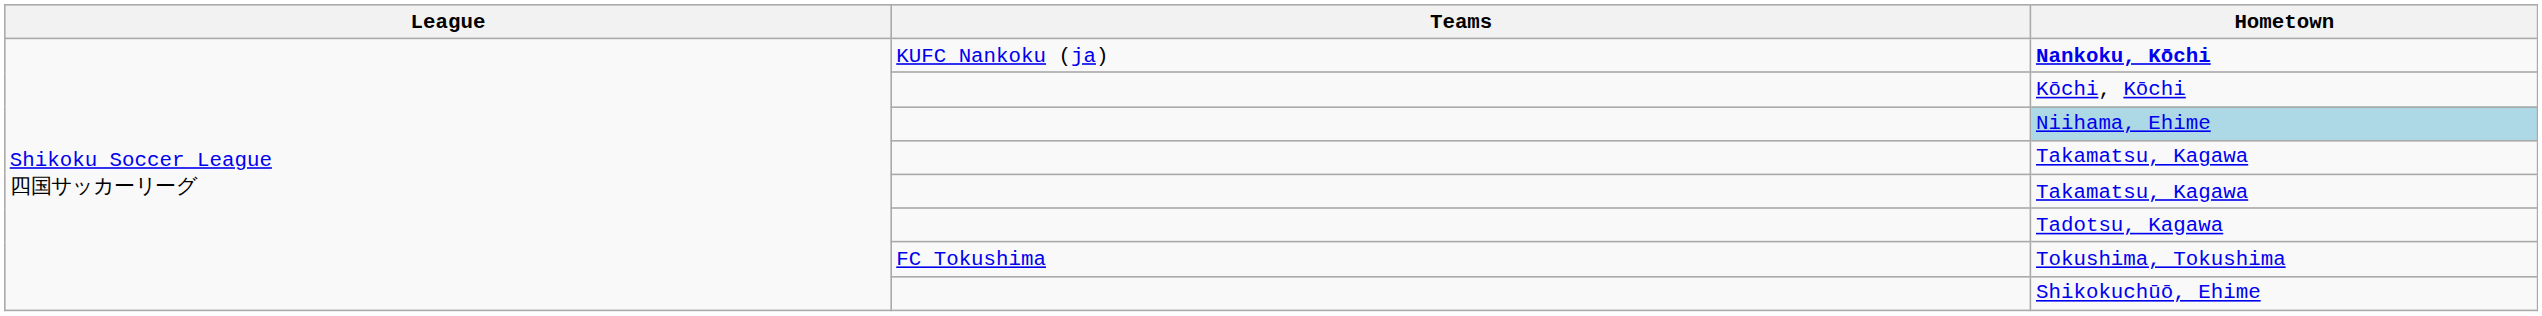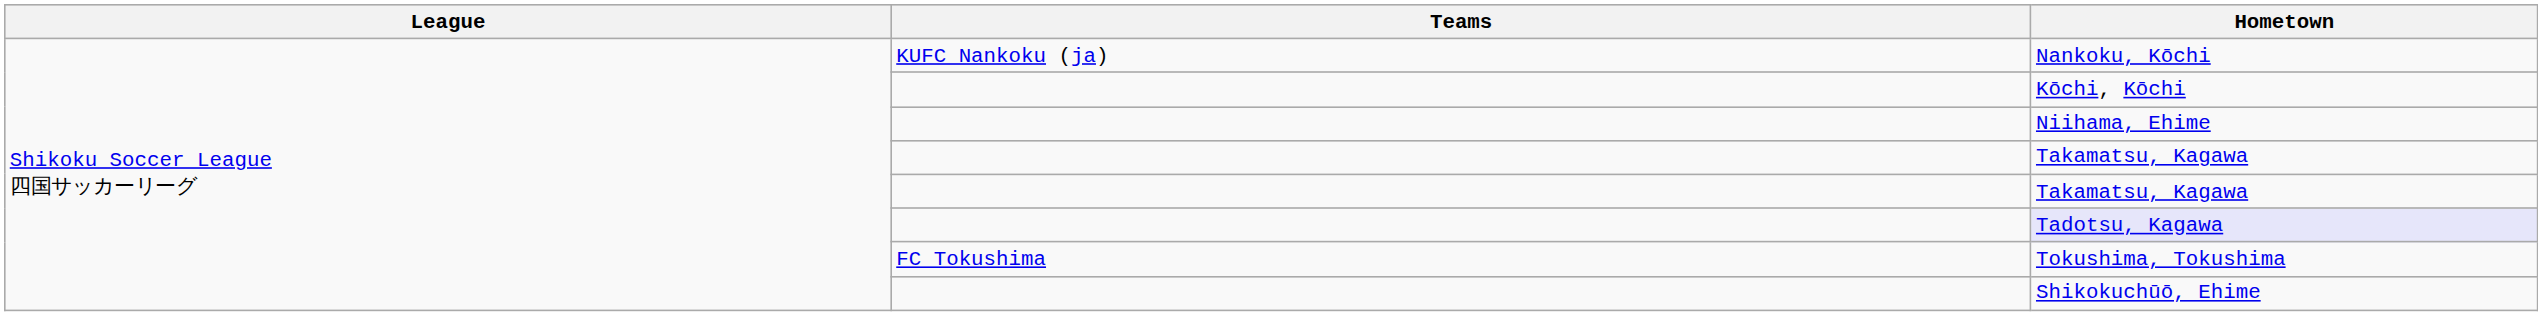 <table class="wikitable" width=100%>
 <tr>
 <th width=35%>League</th>
 <th width=45%>Teams</th>
 <th width=20%>Hometown</th>
 </tr>
 <tr>
 <td rowspan="8"><a href='#'>Shikoku Soccer League</a><br>四国サッカーリーグ</td>
 <td><a href='#'>KUFC Nankoku</a> (<a href='#'>ja</a>)</td>
-<td><strong><a href='#'>Nankoku, Kōchi</a></strong></td>
+<td><a href='#'>Nankoku, Kōchi</a></td>
 </tr>
 <tr>
 <td></td>
 <td><a href='#'>Kōchi</a>, <a href='#'>Kōchi</a></td>
 </tr>
 <tr>
 <td></td>
-<td style="background: lightblue;"><a href='#'>Niihama, Ehime</a></td>
+<td><a href='#'>Niihama, Ehime</a></td>
 </tr>
 <tr>
 <td></td>
 <td><a href='#'>Takamatsu, Kagawa</a></td>
 </tr>
 <tr>
 <td></td>
 <td><a href='#'>Takamatsu, Kagawa</a></td>
 </tr>
 <tr>
 <td></td>
-<td><a href='#'>Tadotsu, Kagawa</a></td>
+<td style="background: lavender;"><a href='#'>Tadotsu, Kagawa</a></td>
 </tr>
 <tr>
 <td><a href='#'>FC Tokushima</a></td>
 <td><a href='#'>Tokushima, Tokushima</a></td>
 </tr>
 <tr>
 <td> </td>
 <td><a href='#'>Shikokuchūō, Ehime</a></td>
 </tr>
 </table>
